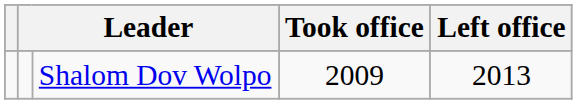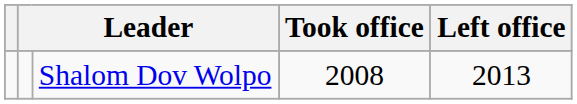 <table class="wikitable" style="text-align: center;">
 <tr>
 <th><br></th>
 <th colspan="2">Leader</th>
 <th>Took office</th>
 <th>Left office</th>
 </tr>
 <tr>
 <td style="background: "></td>
 <td></td>
 <td><a href='#'>Shalom Dov Wolpo</a></td>
-<td>2009</td>
+<td>2008</td>
 <td>2013</td>
 </tr>
 </table>
